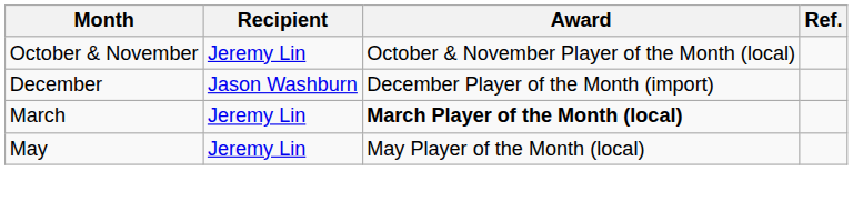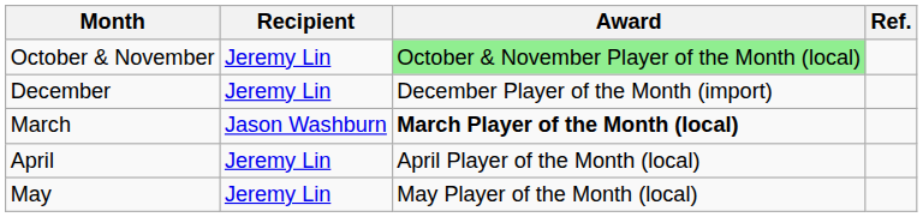 <table class="wikitable">
 <tr>
 <th>Month</th>
 <th>Recipient</th>
 <th>Award</th>
 <th>Ref.</th>
 </tr>
 <tr>
 <td>October & November</td>
 <td><a href='#'>Jeremy Lin</a></td>
-<td>October & November Player of the Month (local)</td>
+<td style="background: lightgreen;">October & November Player of the Month (local)</td>
 <td></td>
 </tr>
 <tr>
 <td>December</td>
-<td><a href='#'>Jason Washburn</a></td>
+<td><a href='#'>Jeremy Lin</a></td>
 <td>December Player of the Month (import)</td>
 <td></td>
 </tr>
 <tr>
 <td>March</td>
+<td><a href='#'>Jason Washburn</a></td>
+<td><strong>March Player of the Month (local)</strong></td>
+<td></td>
+</tr>
+<tr>
+<td>April</td>
 <td><a href='#'>Jeremy Lin</a></td>
-<td><strong>March Player of the Month (local)</strong></td>
+<td>April Player of the Month (local)</td>
 <td></td>
 </tr>
 <tr>
 <td>May</td>
 <td><a href='#'>Jeremy Lin</a></td>
 <td>May Player of the Month (local)</td>
 <td></td>
 </tr>
 </table>
